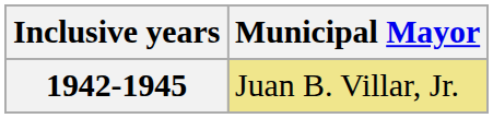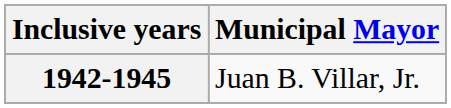 <table class="wikitable collapsible autocollapse" style="font-size:95%">
 <tr>
 <th scope="col">Inclusive years</th>
 <th scope="col">Municipal <a href='#'>Mayor</a></th>
 </tr>
 <tr>
 <th scope="row">1942-1945</th>
-<td style="background: khaki;">Juan B. Villar, Jr. </td>
+<td>Juan B. Villar, Jr. </td>
 </tr>
 </table>
